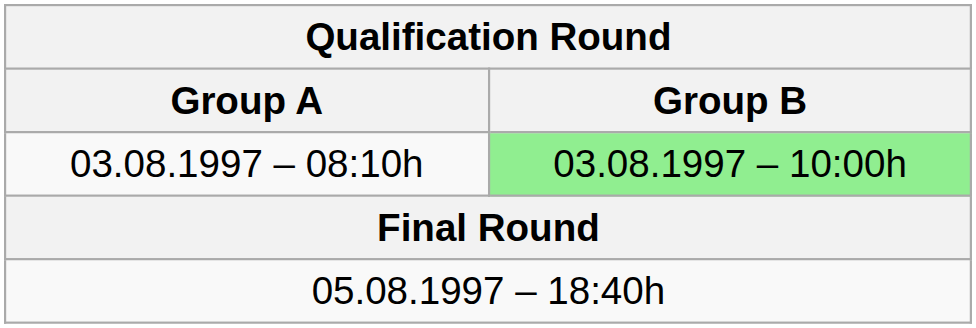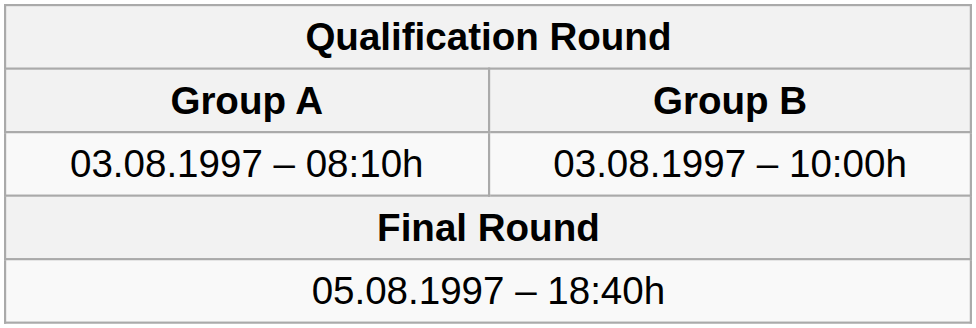 <table class="wikitable" style=" text-align:center; font-size:110%;" width="35%">
 <tr>
 <th colspan="2">Qualification Round</th>
 </tr>
 <tr>
 <th>Group A</th>
 <th>Group B</th>
 </tr>
 <tr>
 <td>03.08.1997 – 08:10h</td>
-<td style="background: lightgreen;">03.08.1997 – 10:00h</td>
+<td>03.08.1997 – 10:00h</td>
 </tr>
 <tr>
 <th colspan="2">Final Round</th>
 </tr>
 <tr>
 <td colspan="2">05.08.1997 – 18:40h</td>
 </tr>
 </table>
